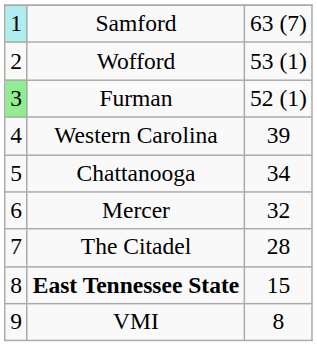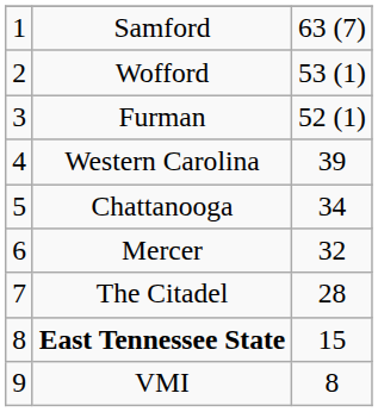 <table class="wikitable" style="display: inline-table;">
 <tr align="center">
 </tr>
 <tr align="center">
-<td style="background: paleturquoise;">1</td>
+<td>1</td>
 <td>Samford</td>
 <td>63 (7)</td>
 </tr>
 <tr align="center">
 <td>2</td>
 <td>Wofford</td>
 <td>53 (1)</td>
 </tr>
 <tr align="center">
-<td style="background: lightgreen;">3</td>
+<td>3</td>
 <td>Furman</td>
 <td>52 (1)</td>
 </tr>
 <tr align="center">
 <td>4</td>
 <td>Western Carolina</td>
 <td>39</td>
 </tr>
 <tr align="center">
 <td>5</td>
 <td>Chattanooga</td>
 <td>34</td>
 </tr>
 <tr align="center">
 <td>6</td>
 <td>Mercer</td>
 <td>32</td>
 </tr>
 <tr align="center">
 <td>7</td>
 <td>The Citadel</td>
 <td>28</td>
 </tr>
 <tr align="center">
 <td>8</td>
 <td><strong>East Tennessee State</strong></td>
 <td>15</td>
 </tr>
 <tr align="center">
 <td>9</td>
 <td>VMI</td>
 <td>8</td>
 </tr>
 </table>
